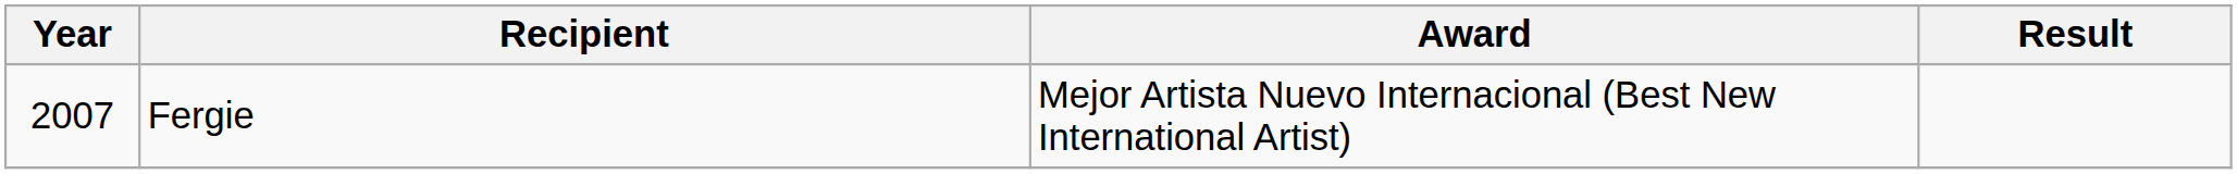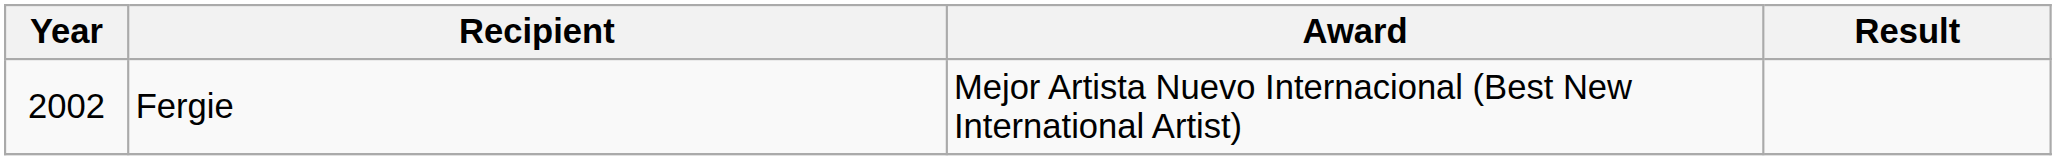 <table style="width: 75%;" class="wikitable">
 <tr>
 <th style="width:6%;"><strong>Year</strong></th>
 <th style="width:40%;"><strong>Recipient</strong></th>
 <th style="width:40%;"><strong>Award</strong></th>
 <th style="width:14%;"><strong>Result</strong></th>
 </tr>
 <tr>
-<td rowspan="1" style="text-align:center;">2007</td>
+<td rowspan="1" style="text-align:center;">2002</td>
 <td rowspan="1" style="text-align:left;">Fergie</td>
 <td width="200pt">Mejor Artista Nuevo Internacional (Best New International Artist)</td>
 <td></td>
 </tr>
 <tr>
 </tr>
 </table>
